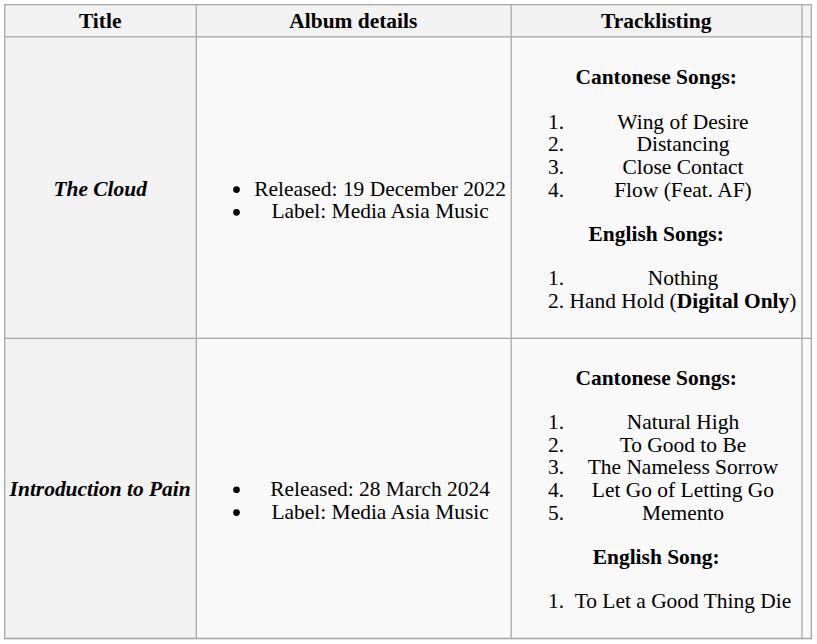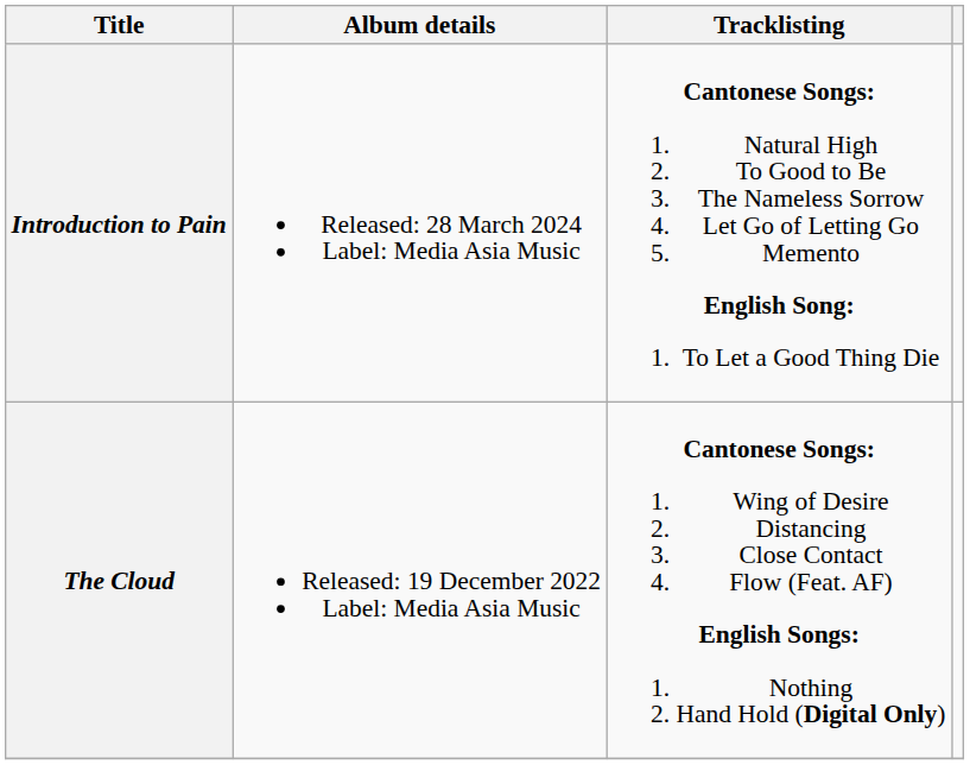 <table class="wikitable plainrowheaders" style="text-align: center; line-height:17px;">
 <tr>
 <th>Title</th>
 <th>Album details</th>
 <th>Tracklisting</th>
 <th scope="col" class="unsortable"></th>
 </tr>
 <tr>
+<th scope="row"><em>Introduction to Pain</em></th>
+<td><br><ul><li>Released: 28 March 2024</li><li>Label: Media Asia Music</li></ul></td>
+<td><br><strong>Cantonese Songs:</strong><ol><li>Natural High</li><li>To Good to Be</li><li>The Nameless Sorrow</li><li>Let Go of Letting Go</li><li>Memento</li></ol><strong>English Song:</strong><ol><li>To Let a Good Thing Die</li></ol></td>
+<td></td>
+</tr>
+<tr>
 <th scope="row"><em>The Cloud</em></th>
 <td><br><ul><li>Released: 19 December 2022</li><li>Label: Media Asia Music</li></ul></td>
 <td><br><strong>Cantonese Songs:</strong><ol><li>Wing of Desire</li><li>Distancing</li><li>Close Contact</li><li>Flow (Feat. AF)</li></ol><strong>English Songs:</strong><ol><li>Nothing</li><li>Hand Hold (<strong>Digital Only</strong>)</li></ol></td>
 <td></td>
 </tr>
 <tr>
-<th scope="row"><em>Introduction to Pain</em></th>
-<td><br><ul><li>Released: 28 March 2024</li><li>Label: Media Asia Music</li></ul></td>
-<td><br><strong>Cantonese Songs:</strong><ol><li>Natural High</li><li>To Good to Be</li><li>The Nameless Sorrow</li><li>Let Go of Letting Go</li><li>Memento</li></ol><strong>English Song:</strong><ol><li>To Let a Good Thing Die</li></ol></td>
-<td></td>
-</tr>
-<tr>
 </tr>
 </table>
